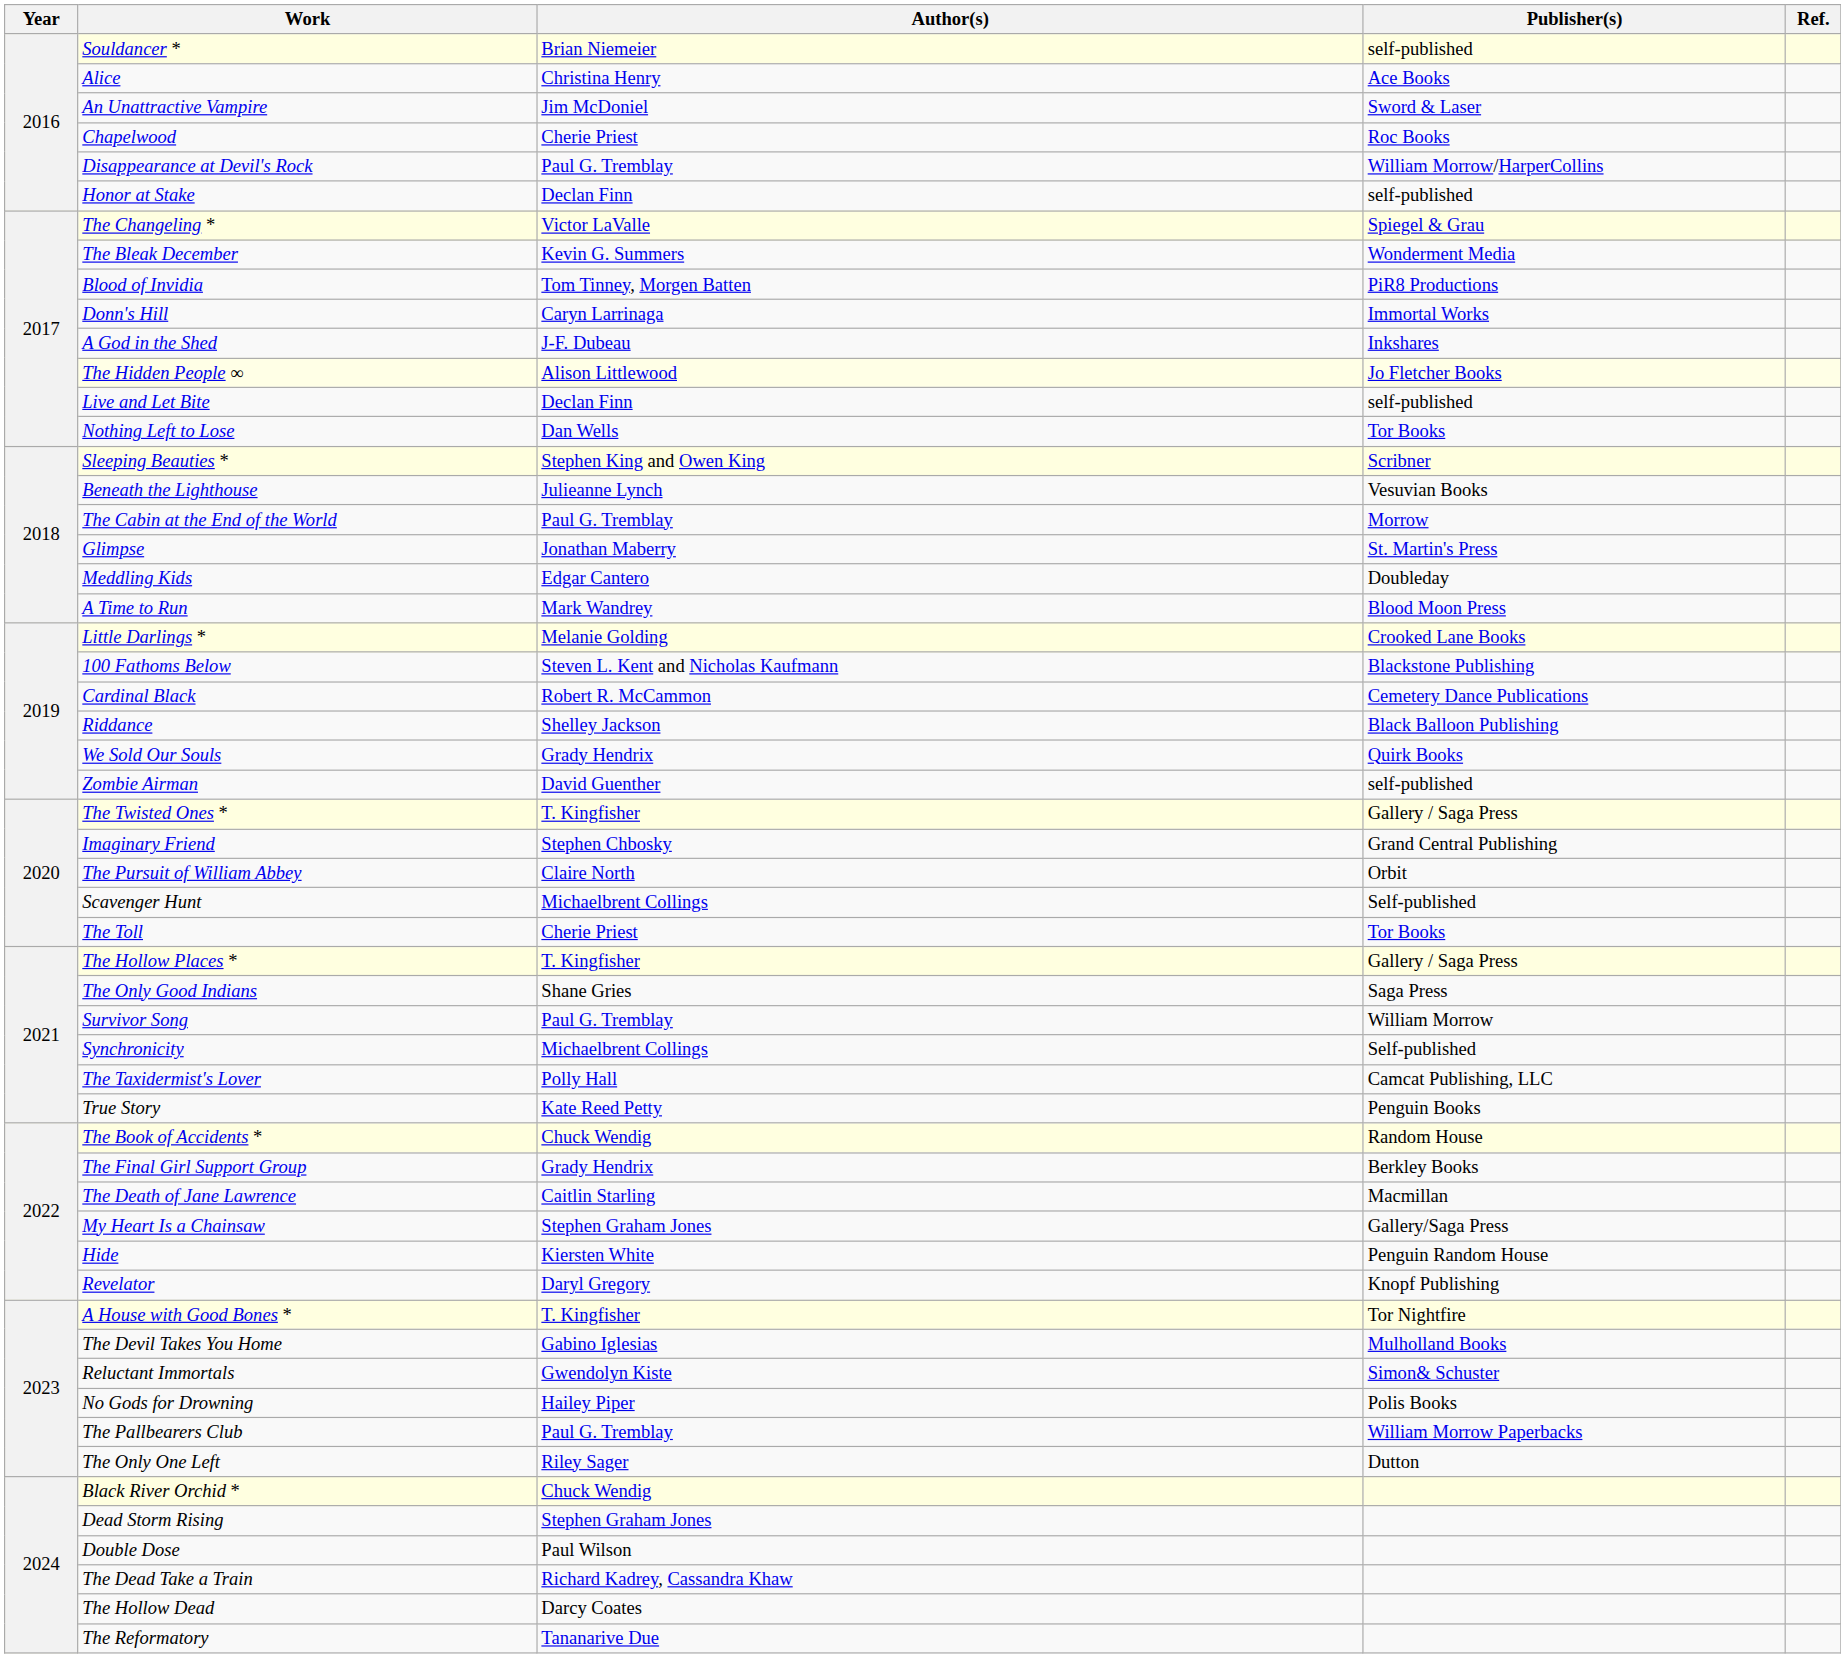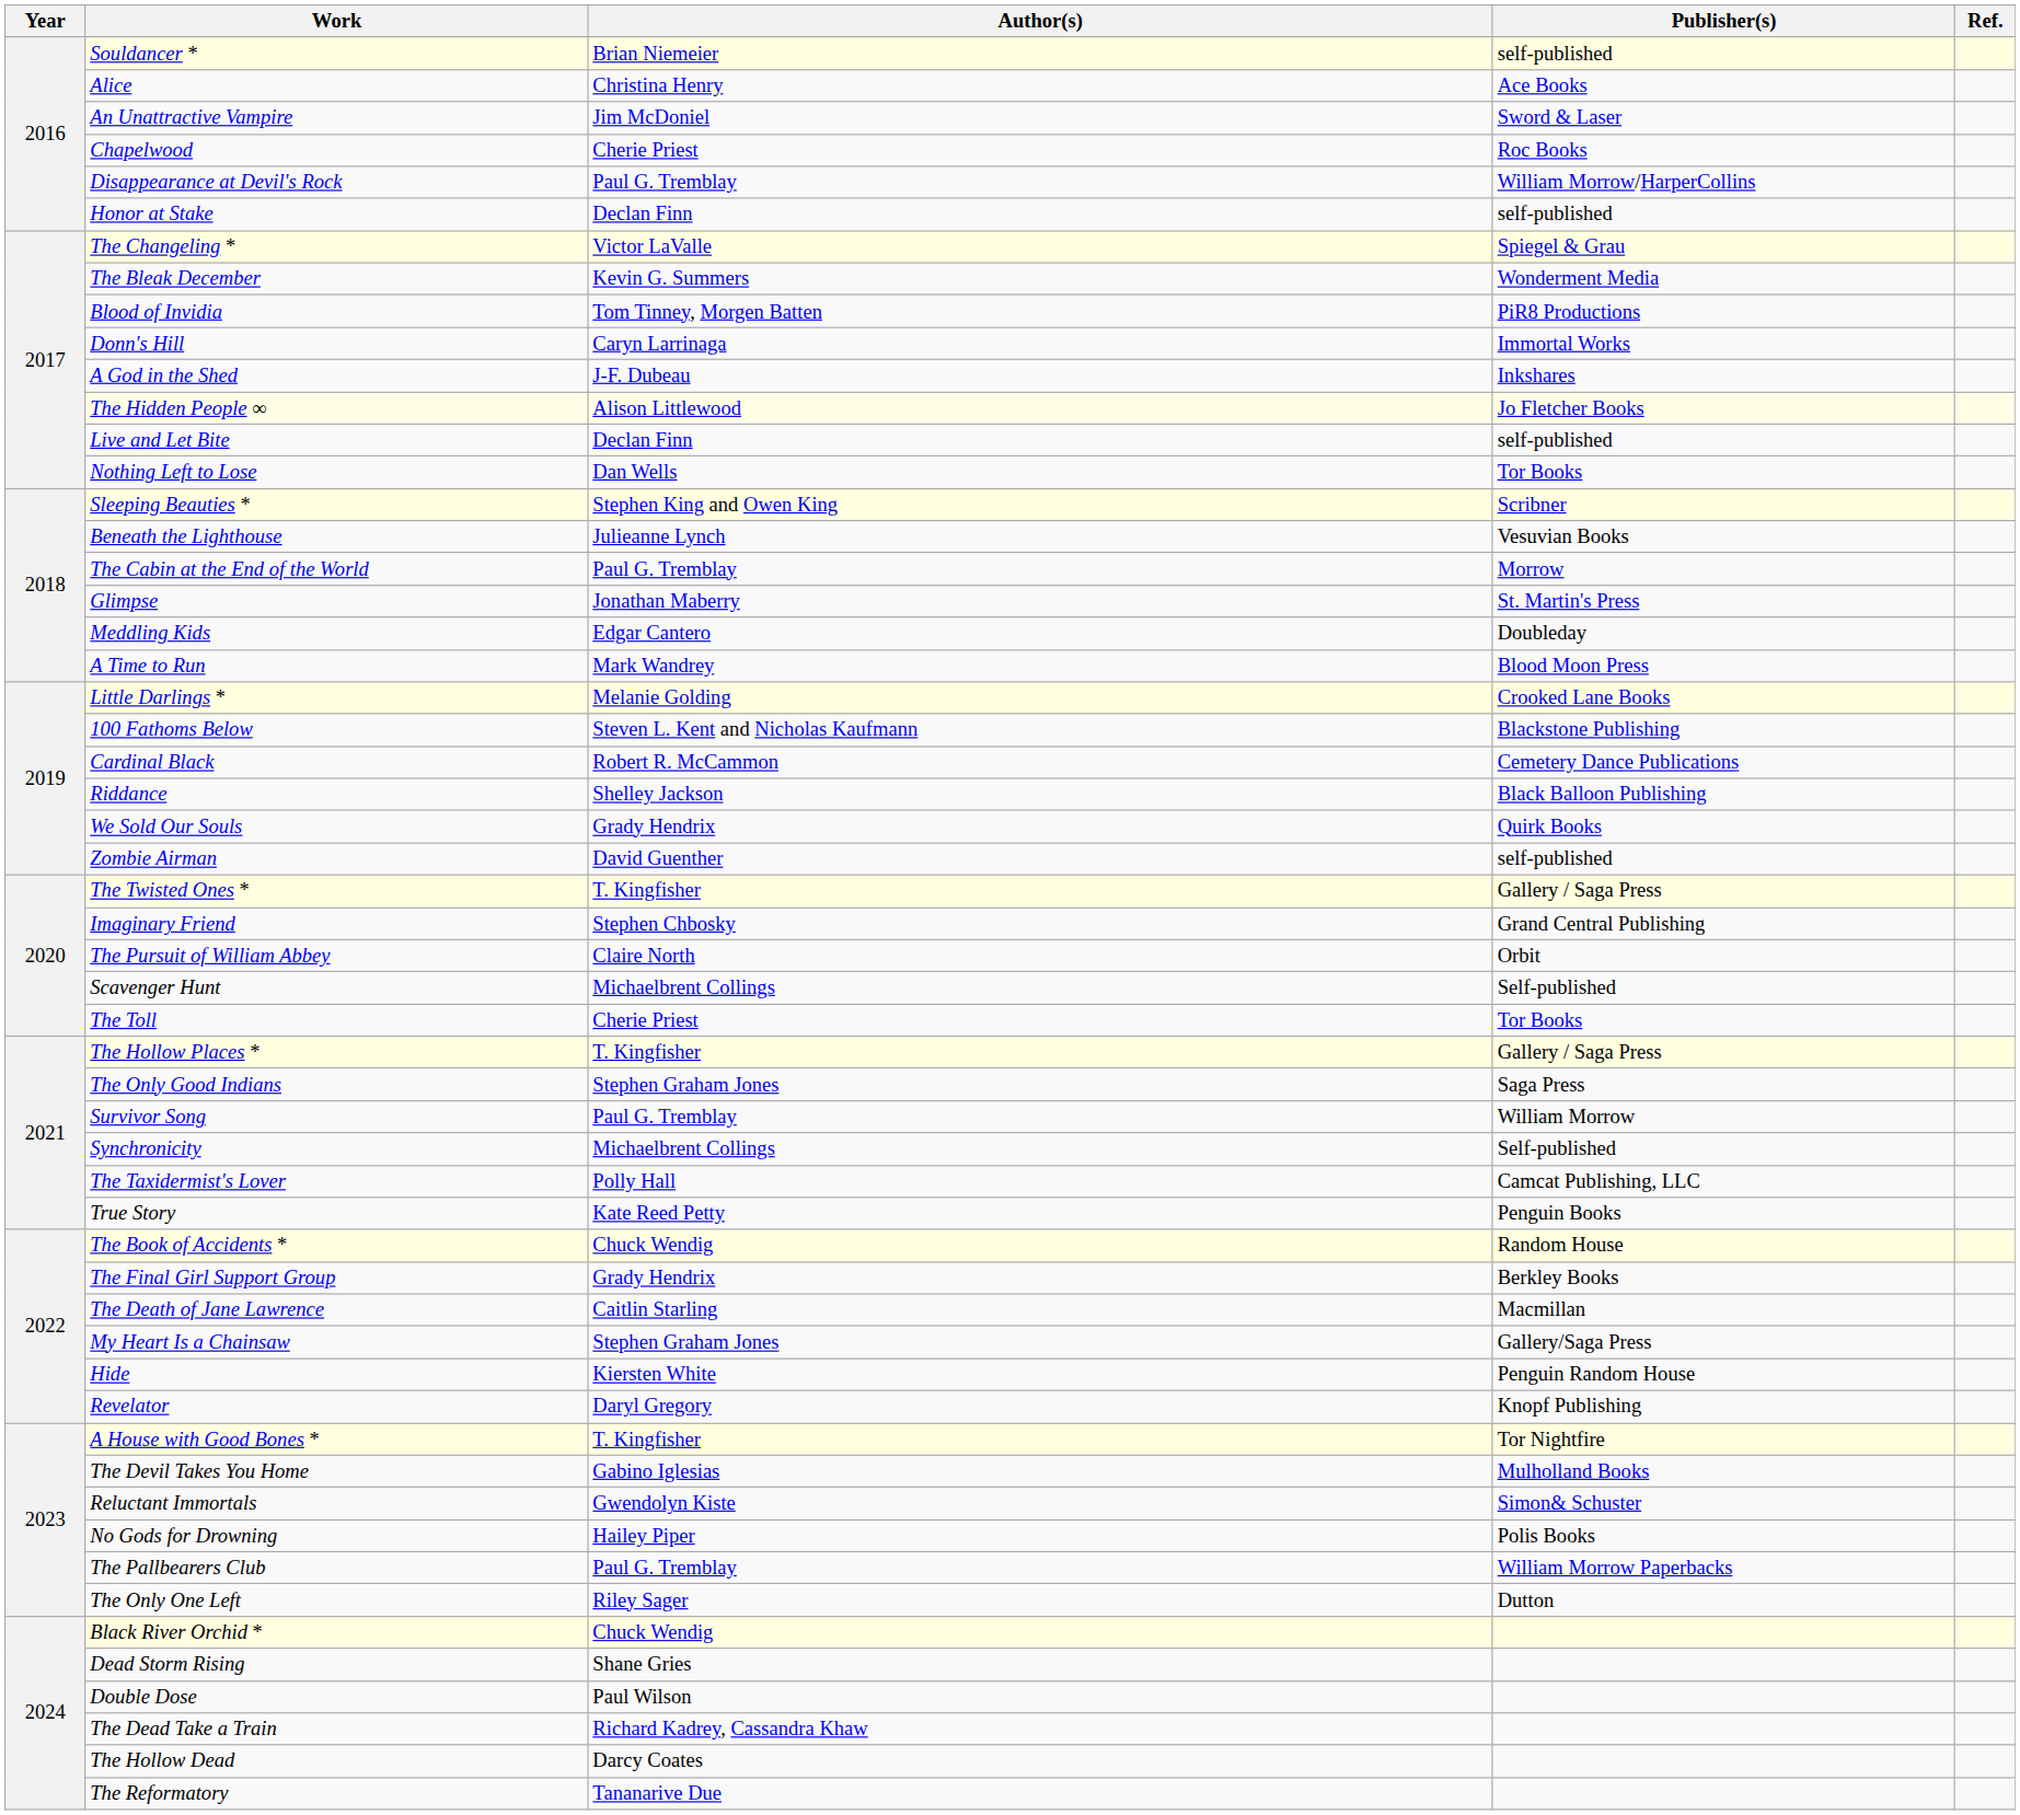 <table class="wikitable mw-collapsible" style="width:100%; margin:1em auto 1em auto;">
 <tr>
 <th style="width:4%;" scope="col">Year</th>
 <th style="width:25%;" scope="col">Work</th>
 <th style="width:45%;" scope="col" class="unsortable">Author(s)</th>
 <th style="width:23%;" scope="col" class="unsortable">Publisher(s)</th>
 <th style="width:3%;" scope="col" class="unsortable">Ref.</th>
 </tr>
 <tr style="background:lightyellow;">
 <th scope="row" rowspan="6" style="text-align:center; font-weight:normal;">2016</th>
 <td><em><a href='#'>Souldancer</a></em> *</td>
 <td><a href='#'>Brian Niemeier</a></td>
 <td>self-published</td>
 <td></td>
 </tr>
 <tr>
 <td><em><a href='#'>Alice</a></em></td>
 <td><a href='#'>Christina Henry</a></td>
 <td><a href='#'>Ace Books</a></td>
 <td></td>
 </tr>
 <tr>
 <td><em><a href='#'>An Unattractive Vampire</a></em></td>
 <td><a href='#'>Jim McDoniel</a></td>
 <td><a href='#'>Sword & Laser</a></td>
 <td></td>
 </tr>
 <tr>
 <td><em><a href='#'>Chapelwood</a></em></td>
 <td><a href='#'>Cherie Priest</a></td>
 <td><a href='#'>Roc Books</a></td>
 <td></td>
 </tr>
 <tr>
 <td><em><a href='#'>Disappearance at Devil's Rock</a></em></td>
 <td><a href='#'>Paul G. Tremblay</a></td>
 <td><a href='#'>William Morrow</a>/<a href='#'>HarperCollins</a></td>
 <td></td>
 </tr>
 <tr>
 <td><em><a href='#'>Honor at Stake</a></em></td>
 <td><a href='#'>Declan Finn</a></td>
 <td>self-published</td>
 <td></td>
 </tr>
 <tr style="background:lightyellow;">
 <th scope="row" rowspan="8" style="text-align:center; font-weight:normal;">2017</th>
 <td><em><a href='#'>The Changeling</a></em> *</td>
 <td><a href='#'>Victor LaValle</a></td>
 <td><a href='#'>Spiegel & Grau</a></td>
 <td></td>
 </tr>
 <tr>
 <td><em><a href='#'>The Bleak December</a></em></td>
 <td><a href='#'>Kevin G. Summers</a></td>
 <td><a href='#'>Wonderment Media</a></td>
 <td></td>
 </tr>
 <tr>
 <td><em><a href='#'>Blood of Invidia</a></em></td>
 <td><a href='#'>Tom Tinney</a>, <a href='#'>Morgen Batten</a></td>
 <td><a href='#'>PiR8 Productions</a></td>
 <td></td>
 </tr>
 <tr>
 <td><em><a href='#'>Donn's Hill</a></em></td>
 <td><a href='#'>Caryn Larrinaga</a></td>
 <td><a href='#'>Immortal Works</a></td>
 <td></td>
 </tr>
 <tr>
 <td><em><a href='#'>A God in the Shed</a></em></td>
 <td><a href='#'>J-F. Dubeau</a></td>
 <td><a href='#'>Inkshares</a></td>
 <td></td>
 </tr>
 <tr style="background:#FFFFE6;">
 <td><em><a href='#'>The Hidden People</a></em> ∞</td>
 <td><a href='#'>Alison Littlewood</a></td>
 <td><a href='#'>Jo Fletcher Books</a></td>
 <td></td>
 </tr>
 <tr>
 <td><em><a href='#'>Live and Let Bite</a></em></td>
 <td><a href='#'>Declan Finn</a></td>
 <td>self-published</td>
 <td></td>
 </tr>
 <tr>
 <td><em><a href='#'>Nothing Left to Lose</a></em></td>
 <td><a href='#'>Dan Wells</a></td>
 <td><a href='#'>Tor Books</a></td>
 <td></td>
 </tr>
 <tr style="background:lightyellow;">
 <th scope="row" rowspan="6" style="text-align:center; font-weight:normal;">2018</th>
 <td><em><a href='#'>Sleeping Beauties</a></em> *</td>
 <td><a href='#'>Stephen King</a> and <a href='#'>Owen King</a></td>
 <td><a href='#'>Scribner</a></td>
 <td></td>
 </tr>
 <tr>
 <td><em><a href='#'>Beneath the Lighthouse</a></em></td>
 <td><a href='#'>Julieanne Lynch</a></td>
 <td>Vesuvian Books</td>
 <td></td>
 </tr>
 <tr>
 <td><em><a href='#'>The Cabin at the End of the World</a></em></td>
 <td><a href='#'>Paul G. Tremblay</a></td>
 <td><a href='#'>Morrow</a></td>
 <td></td>
 </tr>
 <tr>
 <td><em><a href='#'>Glimpse</a></em></td>
 <td><a href='#'>Jonathan Maberry</a></td>
 <td><a href='#'>St. Martin's Press</a></td>
 <td></td>
 </tr>
 <tr>
 <td><em><a href='#'>Meddling Kids</a></em></td>
 <td><a href='#'>Edgar Cantero</a></td>
 <td>Doubleday</td>
 <td></td>
 </tr>
 <tr>
 <td><em><a href='#'>A Time to Run</a></em></td>
 <td><a href='#'>Mark Wandrey</a></td>
 <td><a href='#'>Blood Moon Press</a></td>
 <td></td>
 </tr>
 <tr style="background:lightyellow;">
 <th rowspan="6" style="text-align:center; font-weight:normal;">2019</th>
 <td><em><a href='#'>Little Darlings</a></em> *</td>
 <td><a href='#'>Melanie Golding</a></td>
 <td><a href='#'>Crooked Lane Books</a></td>
 <td></td>
 </tr>
 <tr>
 <td><em><a href='#'>100 Fathoms Below</a></em></td>
 <td><a href='#'>Steven L. Kent</a> and <a href='#'>Nicholas Kaufmann</a></td>
 <td><a href='#'>Blackstone Publishing</a></td>
 <td></td>
 </tr>
 <tr>
 <td><em><a href='#'>Cardinal Black</a></em></td>
 <td><a href='#'>Robert R. McCammon</a></td>
 <td><a href='#'>Cemetery Dance Publications</a></td>
 <td></td>
 </tr>
 <tr>
 <td><em><a href='#'>Riddance</a></em></td>
 <td><a href='#'>Shelley Jackson</a></td>
 <td><a href='#'>Black Balloon Publishing</a></td>
 <td></td>
 </tr>
 <tr>
 <td><em><a href='#'>We Sold Our Souls</a></em></td>
 <td><a href='#'>Grady Hendrix</a></td>
 <td><a href='#'>Quirk Books</a></td>
 <td></td>
 </tr>
 <tr>
 <td><em><a href='#'>Zombie Airman</a></em></td>
 <td><a href='#'>David Guenther</a></td>
 <td>self-published</td>
 <td></td>
 </tr>
 <tr style="background:lightyellow;">
 <th rowspan="5" style="text-align:center; font-weight:normal;">2020</th>
 <td><em><a href='#'>The Twisted Ones</a></em> *</td>
 <td><a href='#'>T. Kingfisher</a></td>
 <td>Gallery / Saga Press</td>
 <td></td>
 </tr>
 <tr>
 <td><em><a href='#'>Imaginary Friend</a></em></td>
 <td><a href='#'>Stephen Chbosky</a></td>
 <td>Grand Central Publishing</td>
 <td></td>
 </tr>
 <tr>
 <td><em><a href='#'>The Pursuit of William Abbey</a></em></td>
 <td><a href='#'>Claire North</a></td>
 <td>Orbit</td>
 <td></td>
 </tr>
 <tr>
 <td><em>Scavenger Hunt</em></td>
 <td><a href='#'>Michaelbrent Collings</a></td>
 <td>Self-published</td>
 <td></td>
 </tr>
 <tr>
 <td><em><a href='#'>The Toll</a></em></td>
 <td><a href='#'>Cherie Priest</a></td>
 <td><a href='#'>Tor Books</a></td>
 <td></td>
 </tr>
 <tr style="background:lightyellow;">
 <th rowspan="6" style="text-align:center; font-weight:normal;">2021</th>
 <td><em><a href='#'>The Hollow Places</a></em> *</td>
 <td><a href='#'>T. Kingfisher</a></td>
 <td>Gallery / Saga Press</td>
 <td></td>
 </tr>
 <tr>
 <td><em><a href='#'>The Only Good Indians</a></em></td>
-<td>Shane Gries</td>
+<td><a href='#'>Stephen Graham Jones</a></td>
 <td>Saga Press</td>
 <td></td>
 </tr>
 <tr>
 <td><em><a href='#'>Survivor Song</a></em></td>
 <td><a href='#'>Paul G. Tremblay</a></td>
 <td>William Morrow</td>
 <td></td>
 </tr>
 <tr>
 <td><em><a href='#'>Synchronicity</a></em></td>
 <td><a href='#'>Michaelbrent Collings</a></td>
 <td>Self-published</td>
 <td></td>
 </tr>
 <tr>
 <td><em><a href='#'>The Taxidermist's Lover</a></em></td>
 <td><a href='#'>Polly Hall</a></td>
 <td>Camcat Publishing, LLC</td>
 <td></td>
 </tr>
 <tr>
 <td><em>True Story</em></td>
 <td><a href='#'>Kate Reed Petty</a></td>
 <td>Penguin Books</td>
 <td></td>
 </tr>
 <tr style="background:lightyellow;">
 <th rowspan="6" style="text-align:center; font-weight:normal;">2022</th>
 <td><em><a href='#'>The Book of Accidents</a></em> *</td>
 <td><a href='#'>Chuck Wendig</a></td>
 <td>Random House</td>
 <td></td>
 </tr>
 <tr>
 <td><em><a href='#'>The Final Girl Support Group</a></em></td>
 <td><a href='#'>Grady Hendrix</a></td>
 <td>Berkley Books</td>
 <td></td>
 </tr>
 <tr>
 <td><em><a href='#'>The Death of Jane Lawrence</a></em></td>
 <td><a href='#'>Caitlin Starling</a></td>
 <td>Macmillan</td>
 <td></td>
 </tr>
 <tr>
 <td><em><a href='#'>My Heart Is a Chainsaw</a></em></td>
 <td><a href='#'>Stephen Graham Jones</a></td>
 <td>Gallery/Saga Press</td>
 <td></td>
 </tr>
 <tr>
 <td><em><a href='#'>Hide</a></em></td>
 <td><a href='#'>Kiersten White</a></td>
 <td>Penguin Random House</td>
 <td></td>
 </tr>
 <tr>
 <td><em><a href='#'>Revelator</a></em></td>
 <td><a href='#'>Daryl Gregory</a></td>
 <td>Knopf Publishing</td>
 <td></td>
 </tr>
 <tr style="background:lightyellow;">
 <th rowspan="6" style="font-weight:normal;">2023</th>
 <td><em><a href='#'>A House with Good Bones</a></em> *</td>
 <td><a href='#'>T. Kingfisher</a></td>
 <td>Tor Nightfire</td>
 <td></td>
 </tr>
 <tr>
 <td><em>The Devil Takes You Home</em></td>
 <td><a href='#'>Gabino Iglesias</a></td>
 <td><a href='#'>Mulholland Books</a></td>
 <td></td>
 </tr>
 <tr>
 <td><em>Reluctant Immortals</em></td>
 <td><a href='#'>Gwendolyn Kiste</a></td>
 <td><a href='#'>Simon& Schuster</a></td>
 <td></td>
 </tr>
 <tr>
 <td><em>No Gods for Drowning</em></td>
 <td><a href='#'>Hailey Piper</a></td>
 <td>Polis Books</td>
 <td></td>
 </tr>
 <tr>
 <td><em>The Pallbearers Club</em></td>
 <td><a href='#'>Paul G. Tremblay</a></td>
 <td><a href='#'>William Morrow Paperbacks</a></td>
 <td></td>
 </tr>
 <tr>
 <td><em>The Only One Left</em></td>
 <td><a href='#'>Riley Sager</a></td>
 <td>Dutton</td>
 <td></td>
 </tr>
 <tr style="background:lightyellow;">
 <th rowspan="6" style="font-weight:normal;">2024</th>
 <td><em>Black River Orchid</em> *</td>
 <td><a href='#'>Chuck Wendig</a></td>
 <td></td>
 <td></td>
 </tr>
 <tr>
 <td><em>Dead Storm Rising</em></td>
-<td><a href='#'>Stephen Graham Jones</a></td>
+<td>Shane Gries</td>
 <td></td>
 <td></td>
 </tr>
 <tr>
 <td><em>Double Dose</em></td>
 <td>Paul Wilson</td>
 <td></td>
 <td></td>
 </tr>
 <tr>
 <td><em>The Dead Take a Train</em></td>
 <td><a href='#'>Richard Kadrey</a>, <a href='#'>Cassandra Khaw</a></td>
 <td></td>
 <td></td>
 </tr>
 <tr>
 <td><em>The Hollow Dead</em></td>
 <td>Darcy Coates</td>
 <td></td>
 <td></td>
 </tr>
 <tr>
 <td><em>The Reformatory</em></td>
 <td><a href='#'>Tananarive Due</a></td>
 <td></td>
 <td></td>
 </tr>
 </table>
